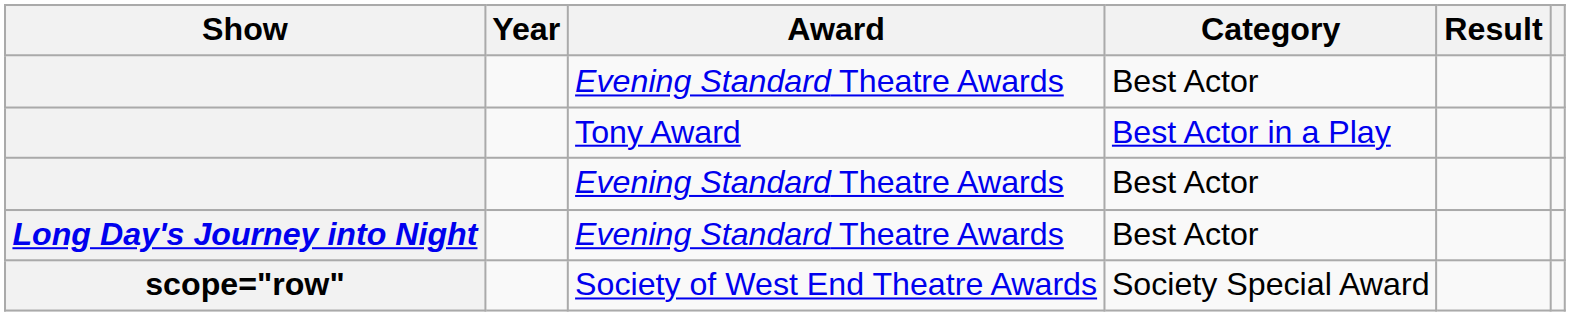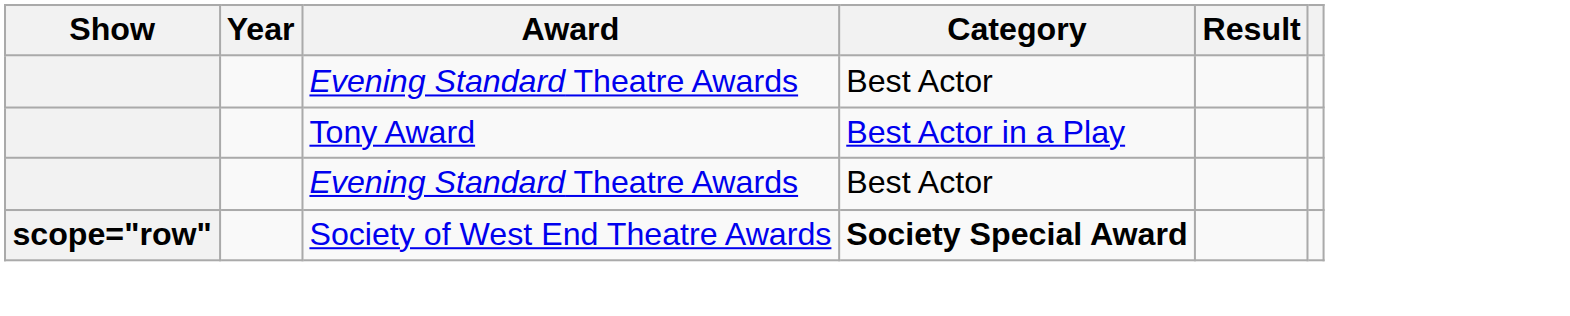 <table class="wikitable plainrowheaders sortable" style="margin-right: 0;">
 <tr>
 <th scope="col">Show</th>
 <th scope="col">Year</th>
 <th scope="col">Award</th>
 <th scope="col">Category</th>
 <th scope="col">Result</th>
 <th scope="col" class="unsortable"></th>
 </tr>
 <tr>
 <th scope="row"></th>
 <td></td>
 <td><a href='#'><em>Evening Standard</em> Theatre Awards</a></td>
 <td>Best Actor</td>
 <td></td>
 <td style="text-align: center;"></td>
 </tr>
 <tr>
 <th scope="row"></th>
 <td></td>
 <td><a href='#'>Tony Award</a></td>
 <td><a href='#'>Best Actor in a Play</a></td>
 <td></td>
 <td style="text-align: center;"></td>
 </tr>
 <tr>
 <th scope="row"></th>
 <td></td>
 <td><a href='#'><em>Evening Standard</em> Theatre Awards</a></td>
 <td>Best Actor</td>
 <td></td>
 <td style="text-align: center;"></td>
 </tr>
 <tr>
-<th scope="row"><em><a href='#'>Long Day's Journey into Night</a></em></th>
-<td></td>
-<td><a href='#'><em>Evening Standard</em> Theatre Awards</a></td>
-<td>Best Actor</td>
-<td></td>
-<td style="text-align: center;"></td>
-</tr>
-<tr>
 <th>scope="row" </th>
 <td></td>
 <td><a href='#'>Society of West End Theatre Awards</a></td>
-<td>Society Special Award</td>
+<td><strong>Society Special Award</strong></td>
 <td></td>
 <td style="text-align: center;"></td>
 </tr>
 </table>
